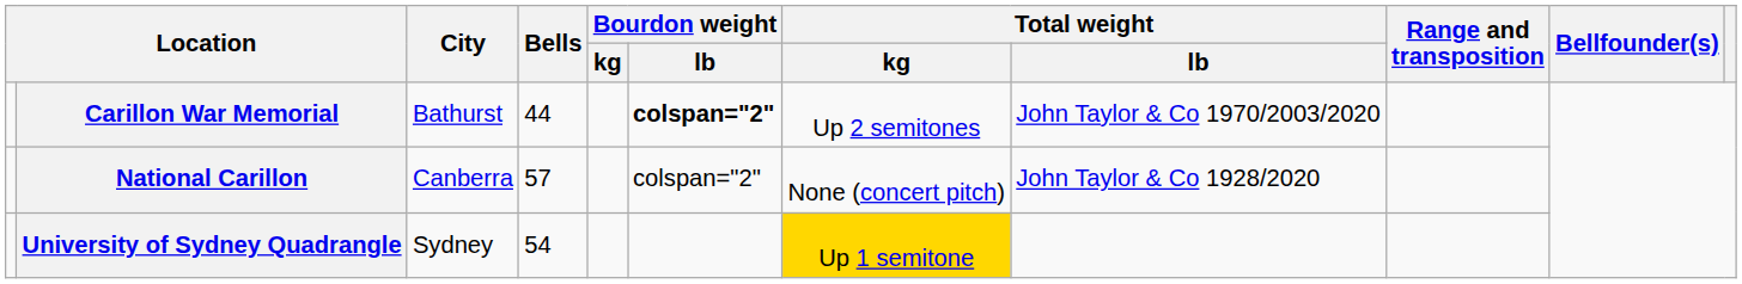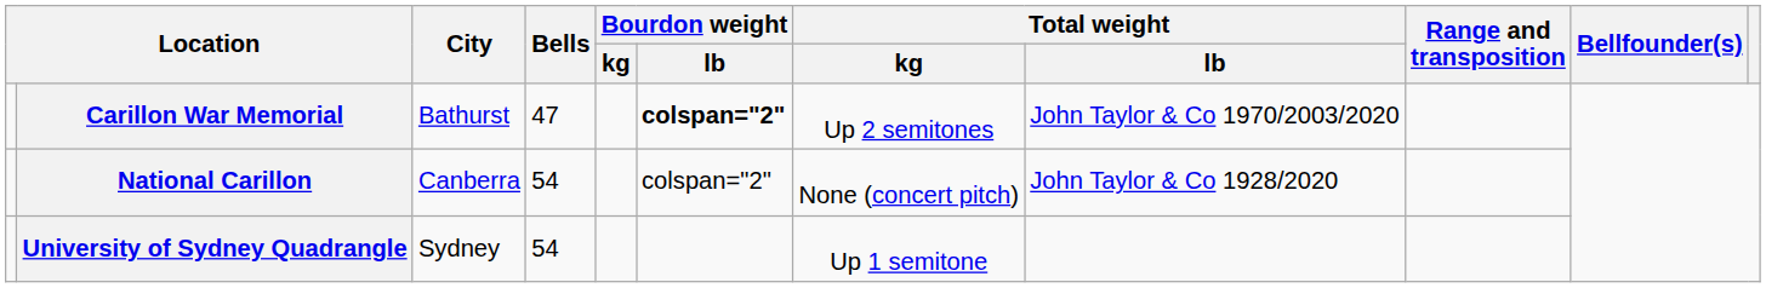 <table class="wikitable plainrowheaders">
 <tr>
 <th scope="col" colspan="2" rowspan="2" class="unsortable">Location</th>
 <th scope="col" rowspan="2">City</th>
 <th scope="col" rowspan="2">Bells</th>
 <th scope="col" colspan="2"><a href='#'>Bourdon</a> weight</th>
 <th scope="col" colspan="2">Total weight</th>
 <th scope="col" rowspan="2" class="unsortable"><a href='#'>Range</a> and<br><a href='#'>transposition</a></th>
 <th scope="col" rowspan="2" class="unsortable"><a href='#'>Bellfounder(s)</a></th>
 <th scope="col" rowspan="2" class="unsortable"></th>
 </tr>
 <tr>
 <th scope="col">kg</th>
 <th scope="col">lb</th>
 <th scope="col">kg</th>
 <th scope="col">lb</th>
 </tr>
 <tr>
 <td></td>
 <th scope="row"><a href='#'>Carillon War Memorial</a></th>
 <td><a href='#'>Bathurst</a></td>
-<td>44</td>
+<td>47</td>
 <td></td>
 <td><strong>colspan="2" </strong></td>
 <td style="text-align: center"><br>Up <a href='#'>2 semitones</a></td>
 <td><a href='#'>John Taylor & Co</a> 1970/2003/2020</td>
 <td></td>
 </tr>
 <tr>
 <td></td>
 <th scope="row"><a href='#'>National Carillon</a></th>
 <td><a href='#'>Canberra</a></td>
-<td>57</td>
+<td>54</td>
 <td></td>
 <td>colspan="2" </td>
 <td style="text-align: center"><br>None (<a href='#'>concert pitch</a>)</td>
 <td><a href='#'>John Taylor & Co</a> 1928/2020</td>
 <td></td>
 </tr>
 <tr>
 <td></td>
 <th scope="row"><a href='#'>University of Sydney Quadrangle</a></th>
 <td>Sydney</td>
 <td>54</td>
 <td></td>
 <td></td>
-<td style="background: gold; text-align: center"><br>Up <a href='#'>1 semitone</a></td>
+<td style="text-align: center"><br>Up <a href='#'>1 semitone</a></td>
 <td></td>
 <td></td>
 </tr>
 </table>
